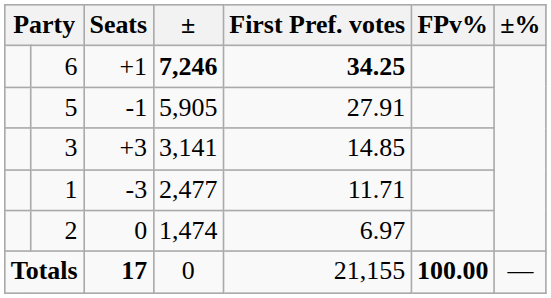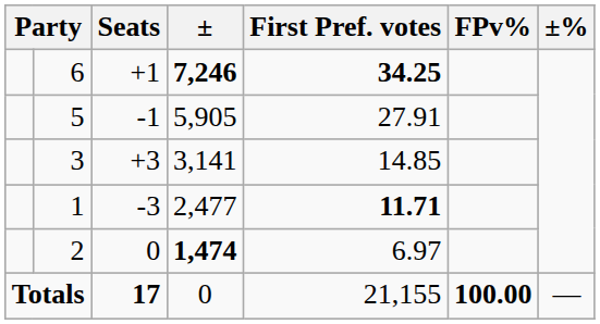 <table class=wikitable>
 <tr>
 <th colspan=2 align=center>Party</th>
 <th valign=top>Seats</th>
 <th valign=top>±</th>
 <th valign=top>First Pref. votes</th>
 <th valign=top>FPv%</th>
 <th valign=top>±%</th>
 </tr>
 <tr>
 <td></td>
 <td align=right>6</td>
 <td align=right>+1</td>
 <td align=right><strong>7,246</strong></td>
 <td align=right><strong>34.25</strong></td>
 <td align=right></td>
 </tr>
 <tr>
 <td></td>
 <td align=right>5</td>
 <td align=right>-1</td>
 <td align=right>5,905</td>
 <td align=right>27.91</td>
 <td align=right></td>
 </tr>
 <tr>
 <td></td>
 <td align=right>3</td>
 <td align=right>+3</td>
 <td align=right>3,141</td>
 <td align=right>14.85</td>
 <td align=right></td>
 </tr>
 <tr>
 <td></td>
 <td align=right>1</td>
 <td align=right>-3</td>
 <td align=right>2,477</td>
-<td align=right>11.71</td>
+<td align=right><strong>11.71</strong></td>
 <td align=right></td>
 </tr>
 <tr>
 <td></td>
 <td align=right>2</td>
 <td align=right>0</td>
-<td align=right>1,474</td>
+<td align=right><strong>1,474</strong></td>
 <td align=right>6.97</td>
 <td align=right></td>
 </tr>
 <tr>
 <td colspan=2 align=center><strong>Totals</strong></td>
 <td align=right><strong>17</strong></td>
 <td align=center>0</td>
 <td align=right>21,155</td>
 <td align=center><strong>100.00</strong></td>
 <td align=center>—</td>
 </tr>
 </table>
